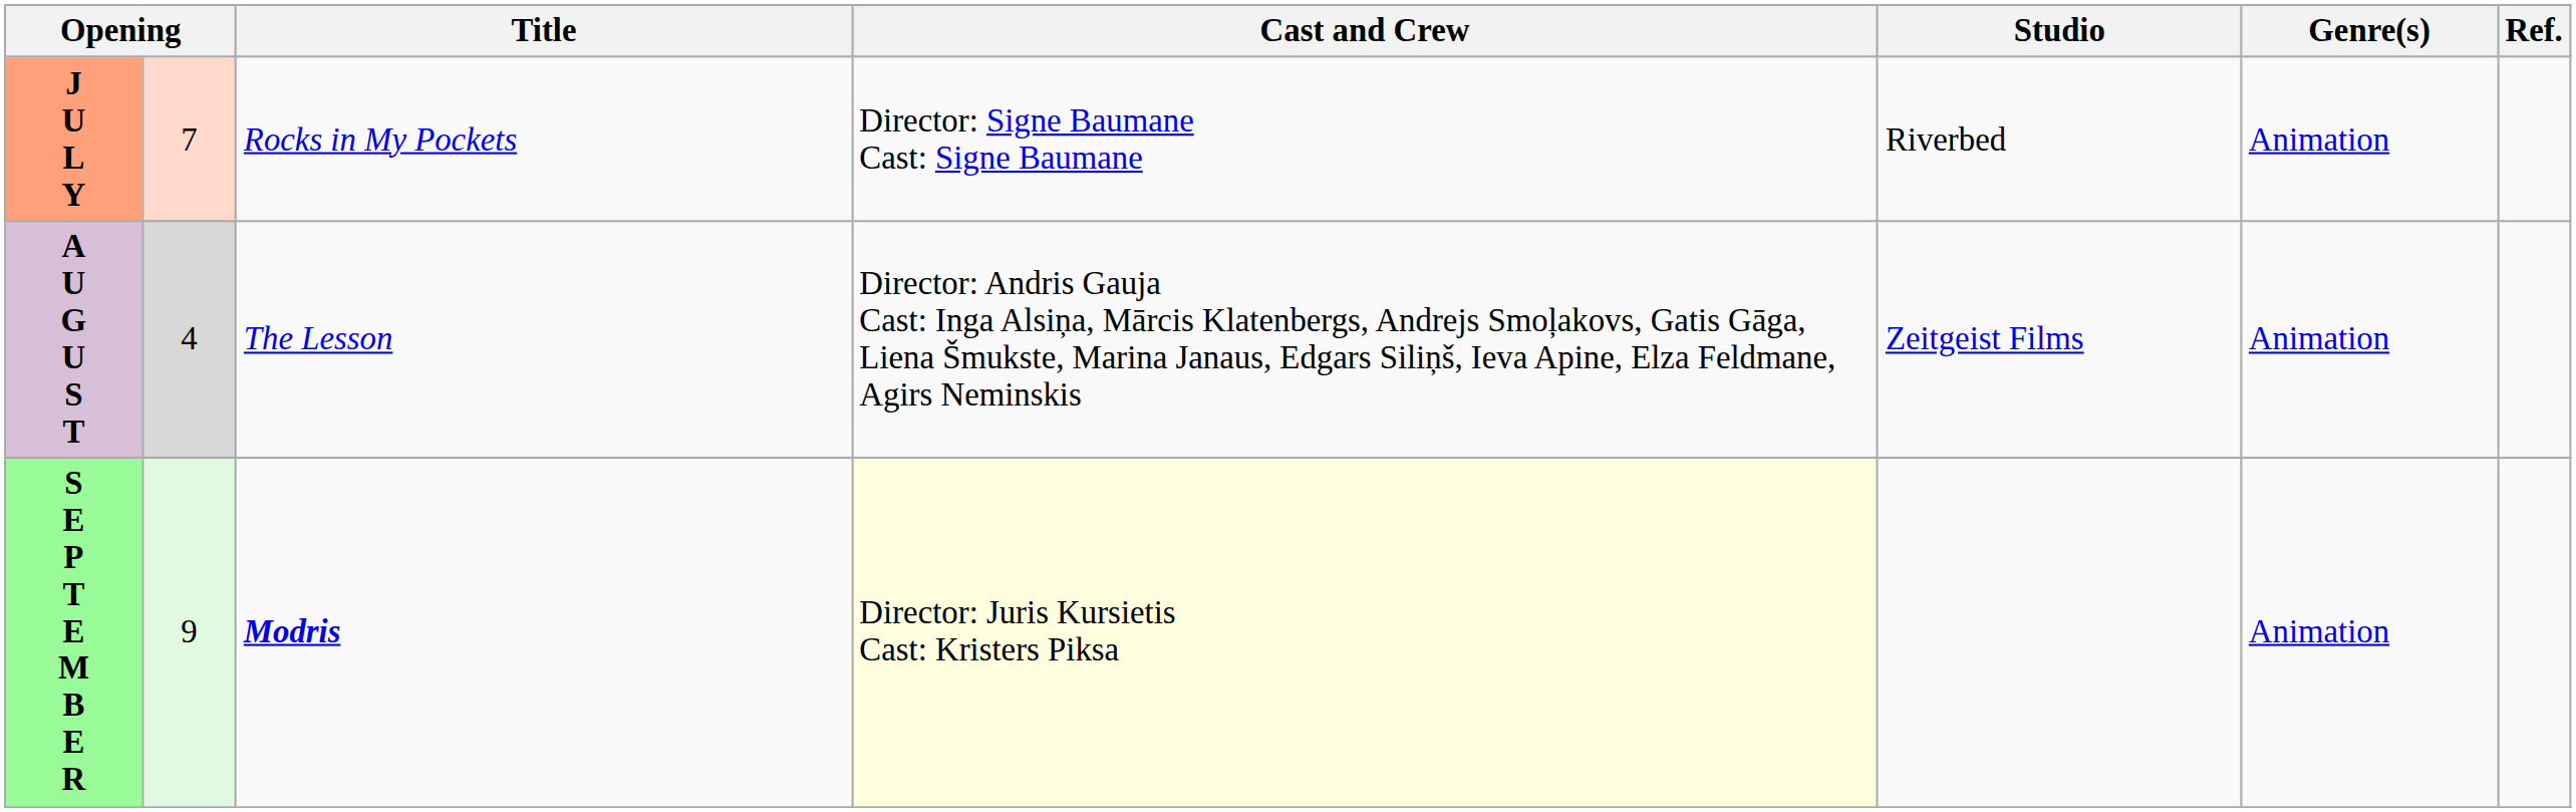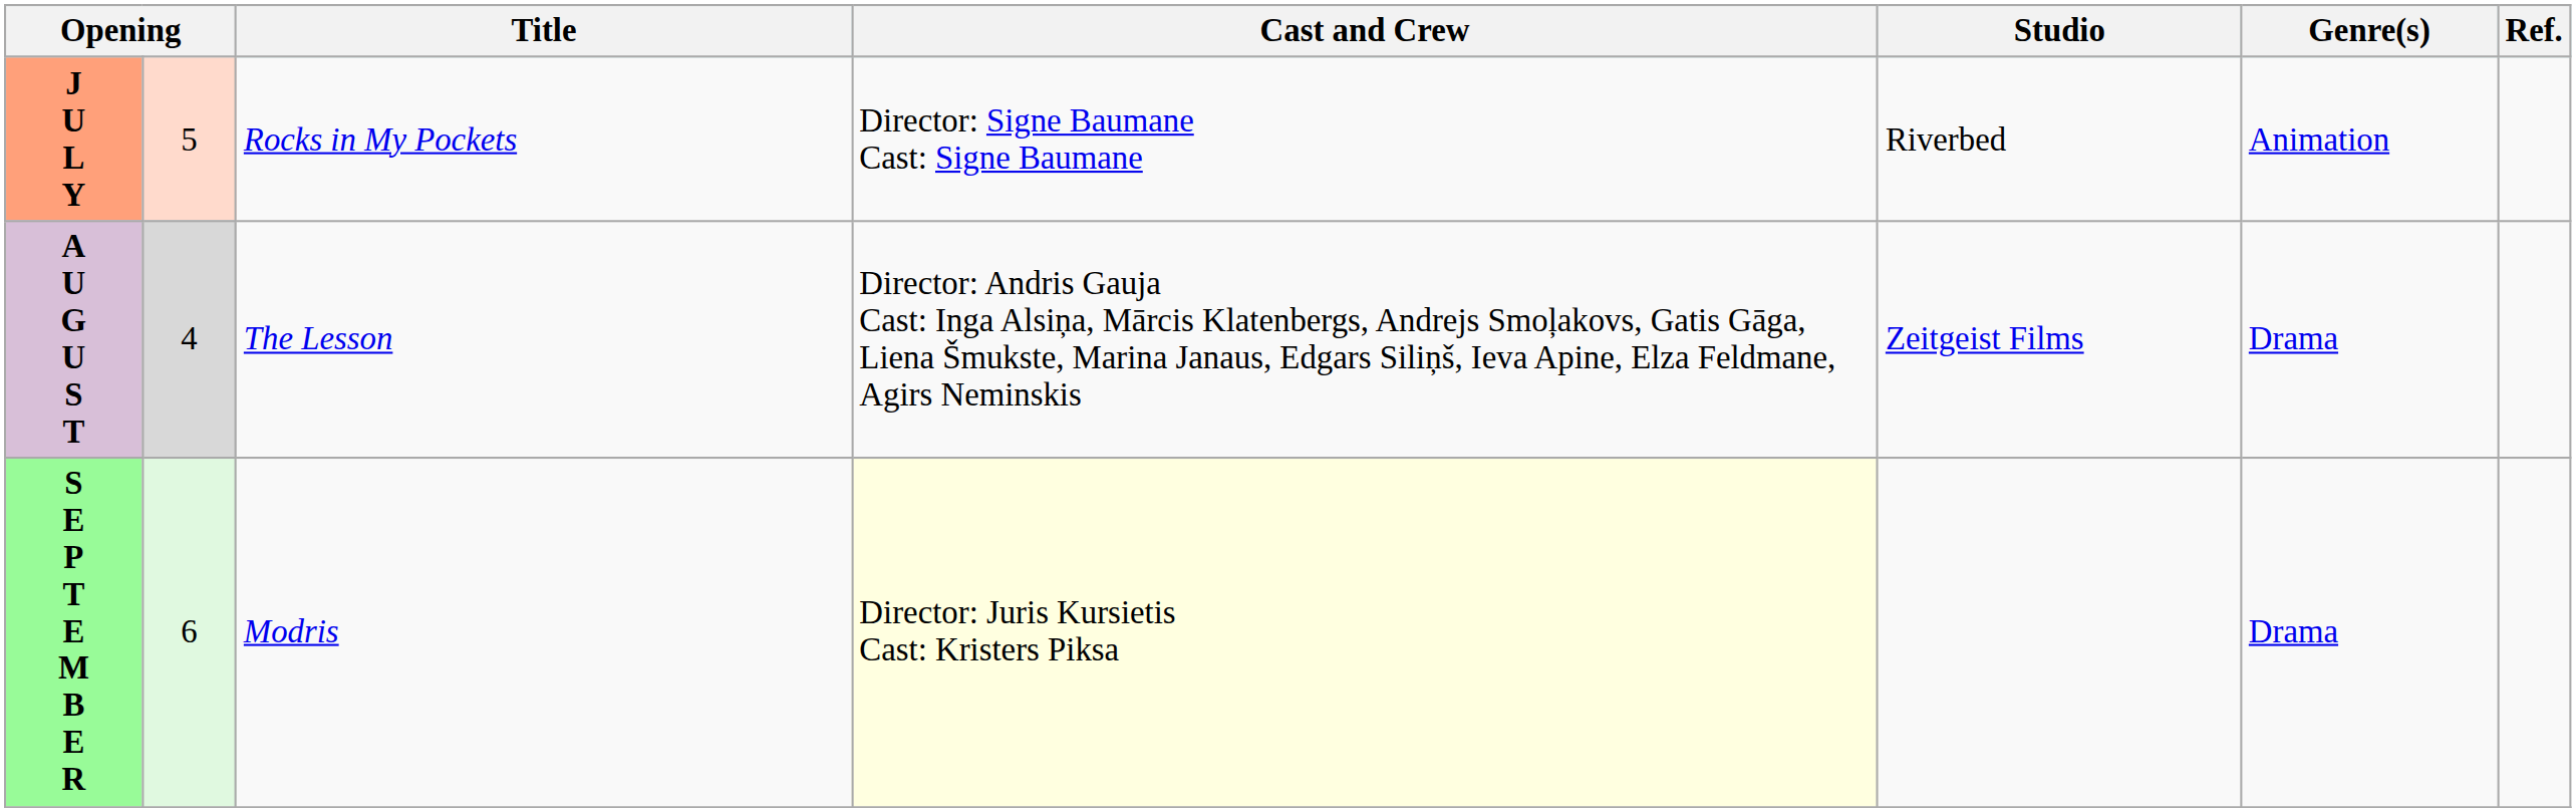 <table class="wikitable">
 <tr style="background:#b0e0e6; text-align:center;">
 <th colspan="2">Opening</th>
 <th style="width:24%;">Title</th>
 <th style="width:40%;">Cast and Crew</th>
 <th>Studio</th>
 <th style="width:10%;">Genre(s)</th>
 <th style="width:2%;">Ref.</th>
 </tr>
 <tr>
 <th rowspan="1" style="text-align:center; background:#ffa07a; textcolor:#000;">J<br>U<br>L<br>Y</th>
-<td rowspan="1" style="text-align:center; background:#ffdacc;">7</td>
+<td rowspan="1" style="text-align:center; background:#ffdacc;">5</td>
 <td><em><a href='#'>Rocks in My Pockets</a></em></td>
 <td>Director: <a href='#'>Signe Baumane</a> <br> Cast: <a href='#'>Signe Baumane</a></td>
 <td>Riverbed</td>
 <td><a href='#'>Animation</a></td>
 <td style="text-align:center"></td>
 </tr>
 <tr>
 <th rowspan="1" style="text-align:center; background:thistle; textcolor:#000;">A<br>U<br>G<br>U<br>S<br>T</th>
 <td rowspan="1" style="text-align:center; background:#d8d8d8;">4</td>
 <td><em><a href='#'>The Lesson</a></em></td>
 <td>Director: Andris Gauja <br> Cast: Inga Alsiņa, Mārcis Klatenbergs, Andrejs Smoļakovs, Gatis Gāga, Liena Šmukste, Marina Janaus, Edgars Siliņš, Ieva Apine, Elza Feldmane, Agirs Neminskis</td>
 <td><a href='#'>Zeitgeist Films</a></td>
-<td><a href='#'>Animation</a></td>
+<td><a href='#'>Drama</a></td>
 <td style="text-align:center"></td>
 </tr>
 <tr>
 <th rowspan="1" style="text-align:center; background:#98fb98; textcolor:#000;">S<br>E<br>P<br>T<br>E<br>M<br>B<br>E<br>R</th>
-<td rowspan="1" style="text-align:center; background:#e0f9e0;">9</td>
-<td><strong><em><a href='#'>Modris</a></em></strong></td>
+<td rowspan="1" style="text-align:center; background:#e0f9e0;">6</td>
+<td><em><a href='#'>Modris</a></em></td>
 <td style="background: lightyellow;">Director: Juris Kursietis <br> Cast: Kristers Piksa</td>
 <td></td>
-<td><a href='#'>Animation</a></td>
+<td><a href='#'>Drama</a></td>
 <td style="text-align:center"></td>
 </tr>
 <tr>
 </tr>
 </table>
